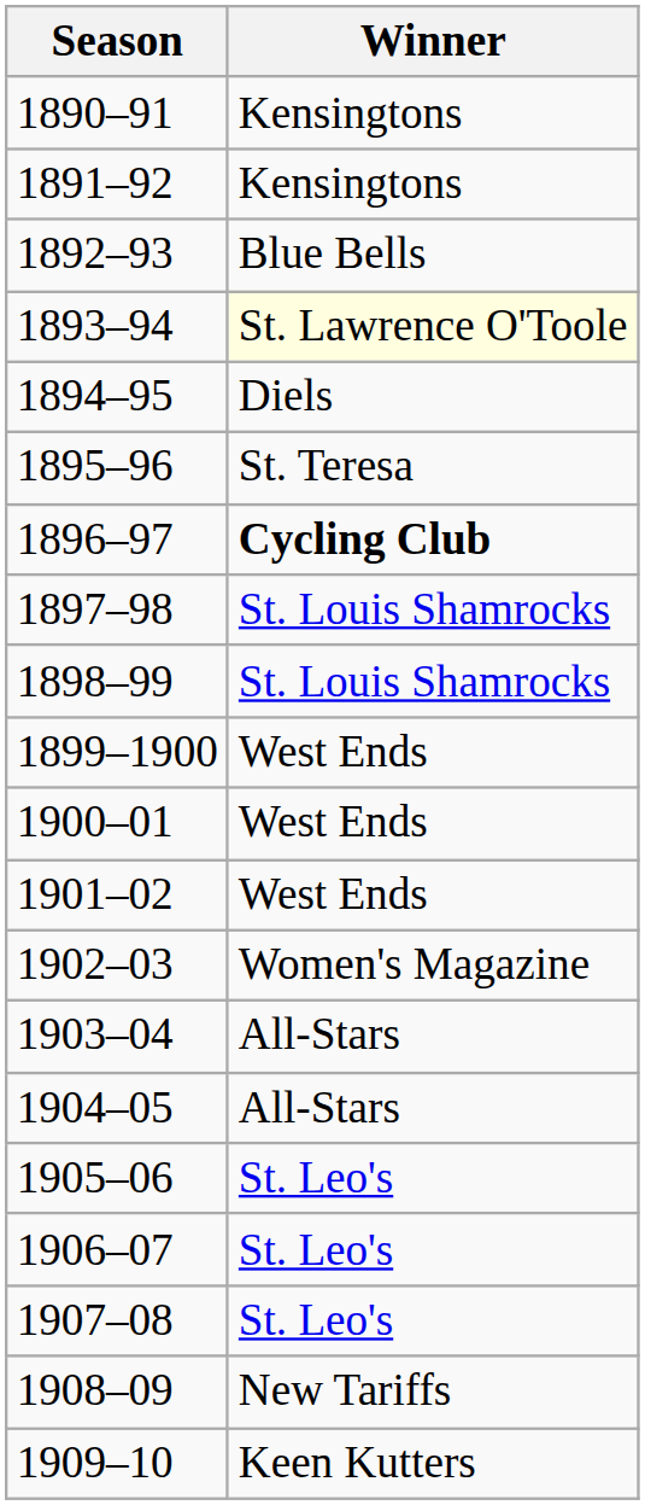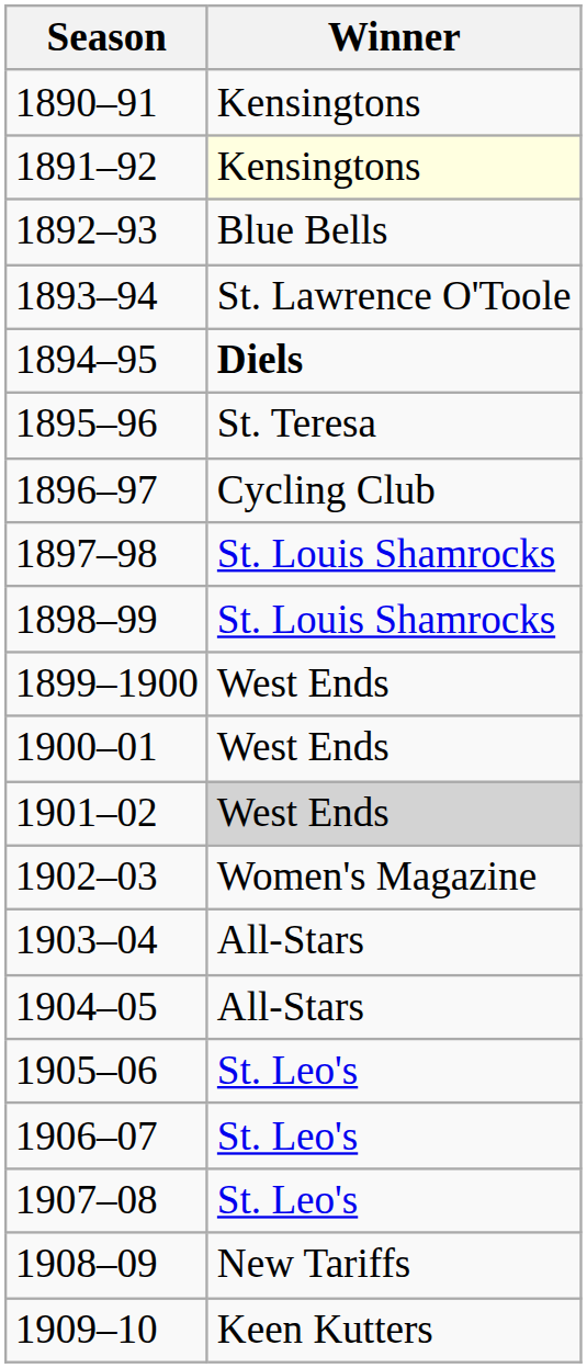 <table class="wikitable">
 <tr>
 <th>Season</th>
 <th>Winner</th>
 </tr>
 <tr>
 <td>1890–91</td>
 <td>Kensingtons</td>
 </tr>
 <tr>
 <td>1891–92</td>
-<td>Kensingtons</td>
+<td style="background: lightyellow;">Kensingtons</td>
 </tr>
 <tr>
 <td>1892–93</td>
 <td>Blue Bells</td>
 </tr>
 <tr>
 <td>1893–94</td>
-<td style="background: lightyellow;">St. Lawrence O'Toole</td>
+<td>St. Lawrence O'Toole</td>
 </tr>
 <tr>
 <td>1894–95</td>
-<td>Diels</td>
+<td><strong>Diels</strong></td>
 </tr>
 <tr>
 <td>1895–96</td>
 <td>St. Teresa</td>
 </tr>
 <tr>
 <td>1896–97</td>
-<td><strong>Cycling Club</strong></td>
+<td>Cycling Club</td>
 </tr>
 <tr>
 <td>1897–98</td>
 <td><a href='#'>St. Louis Shamrocks</a></td>
 </tr>
 <tr>
 <td>1898–99</td>
 <td><a href='#'>St. Louis Shamrocks</a></td>
 </tr>
 <tr>
 <td>1899–1900</td>
 <td>West Ends</td>
 </tr>
 <tr>
 <td>1900–01</td>
 <td>West Ends</td>
 </tr>
 <tr>
 <td>1901–02</td>
-<td>West Ends</td>
+<td style="background: lightgrey;">West Ends</td>
 </tr>
 <tr>
 <td>1902–03</td>
 <td>Women's Magazine</td>
 </tr>
 <tr>
 <td>1903–04</td>
 <td>All-Stars</td>
 </tr>
 <tr>
 <td>1904–05</td>
 <td>All-Stars</td>
 </tr>
 <tr>
 <td>1905–06</td>
 <td><a href='#'>St. Leo's</a></td>
 </tr>
 <tr>
 <td>1906–07</td>
 <td><a href='#'>St. Leo's</a></td>
 </tr>
 <tr>
 <td>1907–08</td>
 <td><a href='#'>St. Leo's</a></td>
 </tr>
 <tr>
 <td>1908–09</td>
 <td>New Tariffs</td>
 </tr>
 <tr>
 <td>1909–10</td>
 <td>Keen Kutters</td>
 </tr>
 </table>
